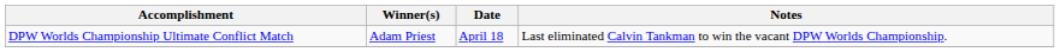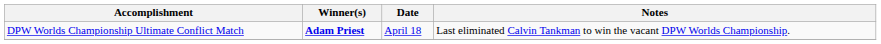 <table class="wikitable" style="width:100%;">
 <tr>
 <th>Accomplishment</th>
 <th>Winner(s)</th>
 <th>Date</th>
 <th>Notes</th>
 </tr>
 <tr>
 <td><a href='#'>DPW Worlds Championship Ultimate Conflict Match</a></td>
-<td><a href='#'>Adam Priest</a></td>
+<td><strong><a href='#'>Adam Priest</a></strong></td>
 <td><a href='#'>April 18</a><br></td>
 <td>Last eliminated <a href='#'>Calvin Tankman</a> to win the vacant <a href='#'>DPW Worlds Championship</a>.</td>
 </tr>
 <tr>
 </tr>
 </table>
